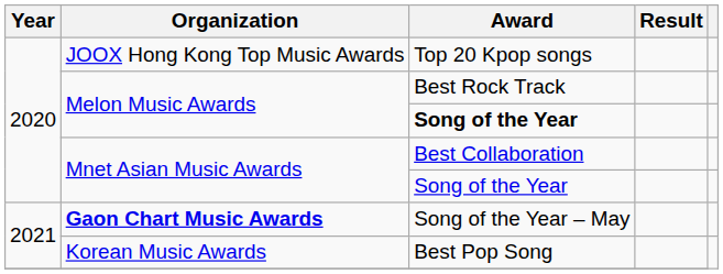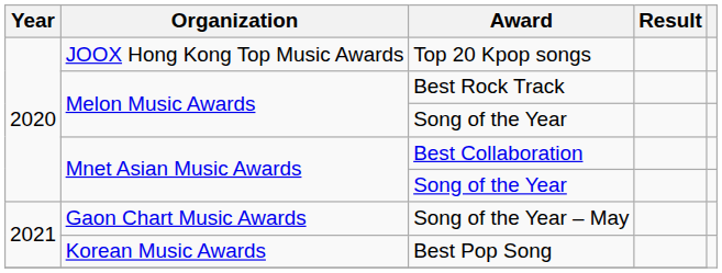 <table class="wikitable">
 <tr>
 <th>Year</th>
 <th>Organization</th>
 <th>Award</th>
 <th>Result</th>
 <th class="unsortable"></th>
 </tr>
 <tr>
 <td rowspan="5">2020</td>
 <td><a href='#'>JOOX</a> Hong Kong Top Music Awards</td>
 <td>Top 20 Kpop songs</td>
 <td></td>
 <td style="text-align:center;"></td>
 </tr>
 <tr>
 <td rowspan="2"><a href='#'>Melon Music Awards</a></td>
 <td>Best Rock Track</td>
 <td></td>
 <td style="text-align:center;"></td>
 </tr>
 <tr>
-<td><strong>Song of the Year</strong></td>
+<td>Song of the Year</td>
 <td></td>
 <td style="text-align:center;"></td>
 </tr>
 <tr>
 <td rowspan="2"><a href='#'>Mnet Asian Music Awards</a></td>
 <td><a href='#'>Best Collaboration</a></td>
 <td></td>
 <td style="text-align:center;"></td>
 </tr>
 <tr>
 <td><a href='#'>Song of the Year</a></td>
 <td></td>
 <td style="text-align:center;"></td>
 </tr>
 <tr>
 <td rowspan="2">2021</td>
-<td><strong><a href='#'>Gaon Chart Music Awards</a></strong></td>
+<td><a href='#'>Gaon Chart Music Awards</a></td>
 <td>Song of the Year – May</td>
 <td></td>
 <td style="text-align:center;"></td>
 </tr>
 <tr>
 <td><a href='#'>Korean Music Awards</a></td>
 <td>Best Pop Song</td>
 <td></td>
 <td style="text-align:center;" rowspan="2"></td>
 </tr>
 <tr>
 </tr>
 </table>
